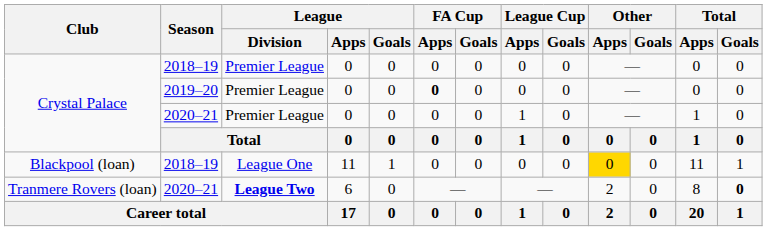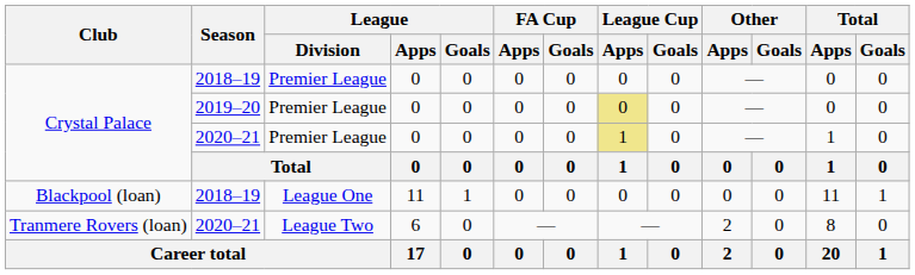 <table class=wikitable style="text-align: center">
 <tr>
 <th rowspan=2>Club</th>
 <th rowspan=2>Season</th>
 <th colspan=3>League</th>
 <th colspan=2>FA Cup</th>
 <th colspan=2>League Cup</th>
 <th colspan=2>Other</th>
 <th colspan=2>Total</th>
 </tr>
 <tr>
 <th>Division</th>
 <th>Apps</th>
 <th>Goals</th>
 <th>Apps</th>
 <th>Goals</th>
 <th>Apps</th>
 <th>Goals</th>
 <th>Apps</th>
 <th>Goals</th>
 <th>Apps</th>
 <th>Goals</th>
 </tr>
 <tr>
 <td rowspan="4"><a href='#'>Crystal Palace</a></td>
 <td><a href='#'>2018–19</a></td>
 <td><a href='#'>Premier League</a></td>
 <td>0</td>
 <td>0</td>
 <td>0</td>
 <td>0</td>
 <td>0</td>
 <td>0</td>
 <td colspan="2">—</td>
 <td>0</td>
 <td>0</td>
 </tr>
 <tr>
 <td><a href='#'>2019–20</a></td>
 <td>Premier League</td>
 <td>0</td>
 <td>0</td>
-<td><strong>0</strong></td>
 <td>0</td>
 <td>0</td>
+<td style="background: khaki;">0</td>
 <td>0</td>
 <td colspan="2">—</td>
 <td>0</td>
 <td>0</td>
 </tr>
 <tr>
 <td><a href='#'>2020–21</a></td>
 <td>Premier League</td>
 <td>0</td>
 <td>0</td>
 <td>0</td>
 <td>0</td>
-<td>1</td>
+<td style="background: khaki;">1</td>
 <td>0</td>
 <td colspan="2">—</td>
 <td>1</td>
 <td>0</td>
 </tr>
 <tr>
 <th colspan="2">Total</th>
 <th>0</th>
 <th>0</th>
 <th>0</th>
 <th>0</th>
 <th>1</th>
 <th>0</th>
 <th>0</th>
 <th>0</th>
 <th>1</th>
 <th>0</th>
 </tr>
 <tr>
 <td><a href='#'>Blackpool</a> (loan)</td>
 <td><a href='#'>2018–19</a></td>
 <td><a href='#'>League One</a></td>
 <td>11</td>
 <td>1</td>
 <td>0</td>
 <td>0</td>
 <td>0</td>
 <td>0</td>
-<td style="background: gold;">0</td>
+<td>0</td>
 <td>0</td>
 <td>11</td>
 <td>1</td>
 </tr>
 <tr>
 <td><a href='#'>Tranmere Rovers</a> (loan)</td>
 <td><a href='#'>2020–21</a></td>
-<td><strong><a href='#'>League Two</a></strong></td>
+<td><a href='#'>League Two</a></td>
 <td>6</td>
 <td>0</td>
 <td colspan="2">—</td>
 <td colspan="2">—</td>
 <td>2</td>
 <td>0</td>
 <td>8</td>
-<td><strong>0</strong></td>
+<td>0</td>
 </tr>
 <tr>
 <th colspan=3>Career total</th>
 <th>17</th>
 <th>0</th>
 <th>0</th>
 <th>0</th>
 <th>1</th>
 <th>0</th>
 <th>2</th>
 <th>0</th>
 <th>20</th>
 <th>1</th>
 </tr>
 </table>
